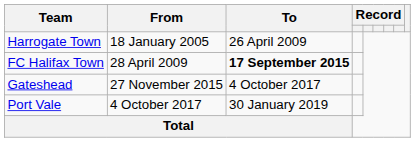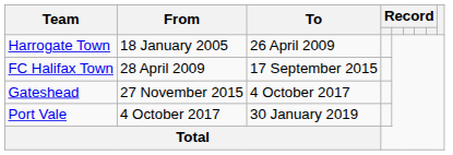 <table class=wikitable style="text-align: center">
 <tr>
 <th rowspan=2>Team</th>
 <th rowspan=2>From</th>
 <th rowspan=2>To</th>
 <th colspan=5>Record</th>
 <th rowspan=2></th>
 </tr>
 <tr>
 <th></th>
 <th></th>
 <th></th>
 <th></th>
 <th></th>
 </tr>
 <tr>
 <td align=left><a href='#'>Harrogate Town</a></td>
 <td align=left>18 January 2005</td>
 <td align=left>26 April 2009<br></td>
 <td></td>
 </tr>
 <tr>
 <td align=left><a href='#'>FC Halifax Town</a></td>
 <td align=left>28 April 2009</td>
-<td align=left><strong>17 September 2015<br></strong></td>
+<td align=left>17 September 2015<br></td>
 <td></td>
 </tr>
 <tr>
 <td align=left><a href='#'>Gateshead</a></td>
 <td align=left>27 November 2015</td>
 <td align=left>4 October 2017<br></td>
 <td></td>
 </tr>
 <tr>
 <td align=left><a href='#'>Port Vale</a></td>
 <td align=left>4 October 2017</td>
 <td align=left>30 January 2019<br></td>
 <td></td>
 </tr>
 <tr>
 <th colspan=3>Total<br></th>
 </tr>
 </table>
